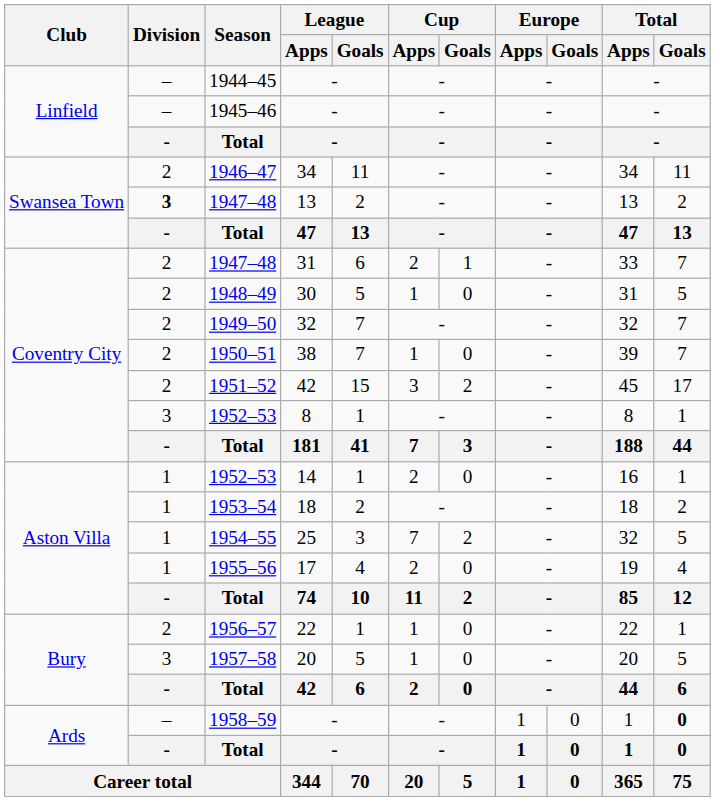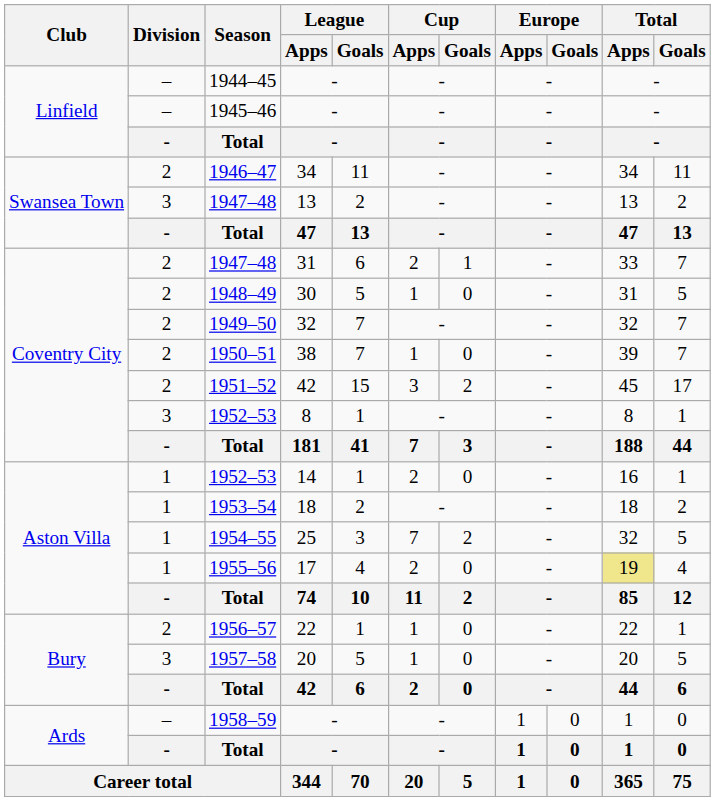 <table class="wikitable" style="text-align: center;">
 <tr>
 <th rowspan="2">Club</th>
 <th rowspan="2">Division</th>
 <th rowspan="2">Season</th>
 <th colspan="2">League</th>
 <th colspan="2">Cup</th>
 <th colspan="2">Europe</th>
 <th colspan="2">Total</th>
 </tr>
 <tr>
 <th>Apps</th>
 <th>Goals</th>
 <th>Apps</th>
 <th>Goals</th>
 <th>Apps</th>
 <th>Goals</th>
 <th>Apps</th>
 <th>Goals</th>
 </tr>
 <tr>
 <td rowspan="3"><a href='#'>Linfield</a></td>
 <td>–</td>
 <td>1944–45</td>
 <td colspan="2">-</td>
 <td colspan="2">-</td>
 <td colspan="2">-</td>
 <td colspan="2">-</td>
 </tr>
 <tr>
 <td>–</td>
 <td>1945–46</td>
 <td colspan="2">-</td>
 <td colspan="2">-</td>
 <td colspan="2">-</td>
 <td colspan="2">-</td>
 </tr>
 <tr>
 <th>-</th>
 <th>Total</th>
 <th colspan="2">-</th>
 <th colspan="2">-</th>
 <th colspan="2">-</th>
 <th colspan="2">-</th>
 </tr>
 <tr>
 <td rowspan="3"><a href='#'>Swansea Town</a></td>
 <td>2</td>
 <td><a href='#'>1946–47</a></td>
 <td>34</td>
 <td>11</td>
 <td colspan="2">-</td>
 <td colspan="2">-</td>
 <td>34</td>
 <td>11</td>
 </tr>
 <tr>
-<td><strong>3</strong></td>
+<td>3</td>
 <td><a href='#'>1947–48</a></td>
 <td>13</td>
 <td>2</td>
 <td colspan="2">-</td>
 <td colspan="2">-</td>
 <td>13</td>
 <td>2</td>
 </tr>
 <tr>
 <th>-</th>
 <th>Total</th>
 <th>47</th>
 <th>13</th>
 <th colspan="2">-</th>
 <th colspan="2">-</th>
 <th>47</th>
 <th>13</th>
 </tr>
 <tr>
 <td rowspan="7"><a href='#'>Coventry City</a></td>
 <td>2</td>
 <td><a href='#'>1947–48</a></td>
 <td>31</td>
 <td>6</td>
 <td>2</td>
 <td>1</td>
 <td colspan="2">-</td>
 <td>33</td>
 <td>7</td>
 </tr>
 <tr>
 <td>2</td>
 <td><a href='#'>1948–49</a></td>
 <td>30</td>
 <td>5</td>
 <td>1</td>
 <td>0</td>
 <td colspan="2">-</td>
 <td>31</td>
 <td>5</td>
 </tr>
 <tr>
 <td>2</td>
 <td><a href='#'>1949–50</a></td>
 <td>32</td>
 <td>7</td>
 <td colspan="2">-</td>
 <td colspan="2">-</td>
 <td>32</td>
 <td>7</td>
 </tr>
 <tr>
 <td>2</td>
 <td><a href='#'>1950–51</a></td>
 <td>38</td>
 <td>7</td>
 <td>1</td>
 <td>0</td>
 <td colspan="2">-</td>
 <td>39</td>
 <td>7</td>
 </tr>
 <tr>
 <td>2</td>
 <td><a href='#'>1951–52</a></td>
 <td>42</td>
 <td>15</td>
 <td>3</td>
 <td>2</td>
 <td colspan="2">-</td>
 <td>45</td>
 <td>17</td>
 </tr>
 <tr>
 <td>3</td>
 <td><a href='#'>1952–53</a></td>
 <td>8</td>
 <td>1</td>
 <td colspan="2">-</td>
 <td colspan="2">-</td>
 <td>8</td>
 <td>1</td>
 </tr>
 <tr>
 <th>-</th>
 <th>Total</th>
 <th>181</th>
 <th>41</th>
 <th>7</th>
 <th>3</th>
 <th colspan="2">-</th>
 <th>188</th>
 <th>44</th>
 </tr>
 <tr>
 <td rowspan="5"><a href='#'>Aston Villa</a></td>
 <td>1</td>
 <td><a href='#'>1952–53</a></td>
 <td>14</td>
 <td>1</td>
 <td>2</td>
 <td>0</td>
 <td colspan="2">-</td>
 <td>16</td>
 <td>1</td>
 </tr>
 <tr>
 <td>1</td>
 <td><a href='#'>1953–54</a></td>
 <td>18</td>
 <td>2</td>
 <td colspan="2">-</td>
 <td colspan="2">-</td>
 <td>18</td>
 <td>2</td>
 </tr>
 <tr>
 <td>1</td>
 <td><a href='#'>1954–55</a></td>
 <td>25</td>
 <td>3</td>
 <td>7</td>
 <td>2</td>
 <td colspan="2">-</td>
 <td>32</td>
 <td>5</td>
 </tr>
 <tr>
 <td>1</td>
 <td><a href='#'>1955–56</a></td>
 <td>17</td>
 <td>4</td>
 <td>2</td>
 <td>0</td>
 <td colspan="2">-</td>
-<td>19</td>
+<td style="background: khaki;">19</td>
 <td>4</td>
 </tr>
 <tr>
 <th>-</th>
 <th>Total</th>
 <th>74</th>
 <th>10</th>
 <th>11</th>
 <th>2</th>
 <th colspan="2">-</th>
 <th>85</th>
 <th>12</th>
 </tr>
 <tr>
 <td rowspan="3"><a href='#'>Bury</a></td>
 <td>2</td>
 <td><a href='#'>1956–57</a></td>
 <td>22</td>
 <td>1</td>
 <td>1</td>
 <td>0</td>
 <td colspan="2">-</td>
 <td>22</td>
 <td>1</td>
 </tr>
 <tr>
 <td>3</td>
 <td><a href='#'>1957–58</a></td>
 <td>20</td>
 <td>5</td>
 <td>1</td>
 <td>0</td>
 <td colspan="2">-</td>
 <td>20</td>
 <td>5</td>
 </tr>
 <tr>
 <th>-</th>
 <th>Total</th>
 <th>42</th>
 <th>6</th>
 <th>2</th>
 <th>0</th>
 <th colspan="2">-</th>
 <th>44</th>
 <th>6</th>
 </tr>
 <tr>
 <td rowspan="2"><a href='#'>Ards</a></td>
 <td>–</td>
 <td><a href='#'>1958–59</a></td>
 <td colspan="2">-</td>
 <td colspan="2">-</td>
 <td>1</td>
 <td>0</td>
 <td>1</td>
-<td><strong>0</strong></td>
+<td>0</td>
 </tr>
 <tr>
 <th>-</th>
 <th>Total</th>
 <th colspan="2">-</th>
 <th colspan="2">-</th>
 <th>1</th>
 <th>0</th>
 <th>1</th>
 <th>0</th>
 </tr>
 <tr>
 <th colspan="3">Career total</th>
 <th>344</th>
 <th>70</th>
 <th>20</th>
 <th>5</th>
 <th>1</th>
 <th>0</th>
 <th>365</th>
 <th>75</th>
 </tr>
 </table>
